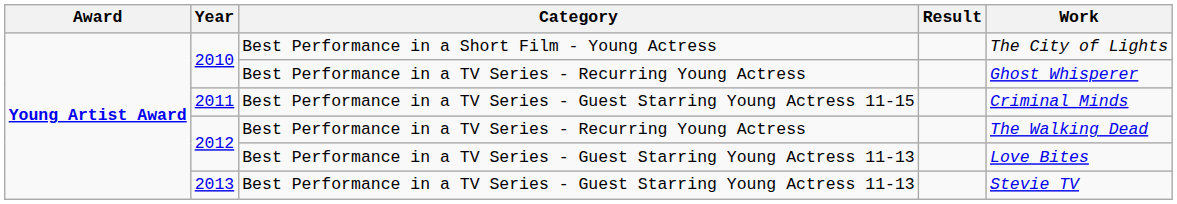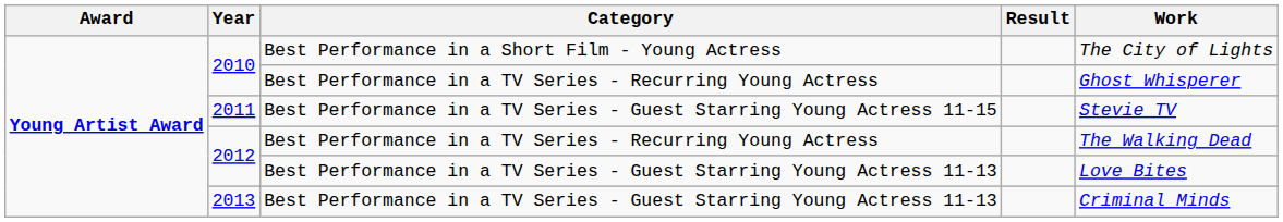 <table class="wikitable" style="font-size: 90%;">
 <tr>
 <th>Award</th>
 <th>Year</th>
 <th>Category</th>
 <th>Result</th>
 <th>Work</th>
 </tr>
 <tr>
 <td rowspan=6><strong><a href='#'>Young Artist Award</a></strong></td>
 <td rowspan=2><a href='#'>2010</a></td>
 <td>Best Performance in a Short Film - Young Actress</td>
 <td></td>
 <td><em>The City of Lights</em></td>
 </tr>
 <tr>
 <td>Best Performance in a TV Series - Recurring Young Actress</td>
 <td></td>
 <td><em><a href='#'>Ghost Whisperer</a></em></td>
 </tr>
 <tr>
 <td><a href='#'>2011</a></td>
 <td>Best Performance in a TV Series - Guest Starring Young Actress 11-15</td>
 <td></td>
-<td><em><a href='#'>Criminal Minds</a></em></td>
+<td><em><a href='#'>Stevie TV</a></em></td>
 </tr>
 <tr>
 <td rowspan=2><a href='#'>2012</a></td>
 <td>Best Performance in a TV Series - Recurring Young Actress</td>
 <td></td>
 <td><em><a href='#'>The Walking Dead</a></em></td>
 </tr>
 <tr>
 <td>Best Performance in a TV Series - Guest Starring Young Actress 11-13</td>
 <td></td>
 <td><em><a href='#'>Love Bites</a></em></td>
 </tr>
 <tr>
 <td><a href='#'>2013</a></td>
 <td>Best Performance in a TV Series - Guest Starring Young Actress 11-13</td>
 <td></td>
-<td><em><a href='#'>Stevie TV</a></em></td>
+<td><em><a href='#'>Criminal Minds</a></em></td>
 </tr>
 </table>
